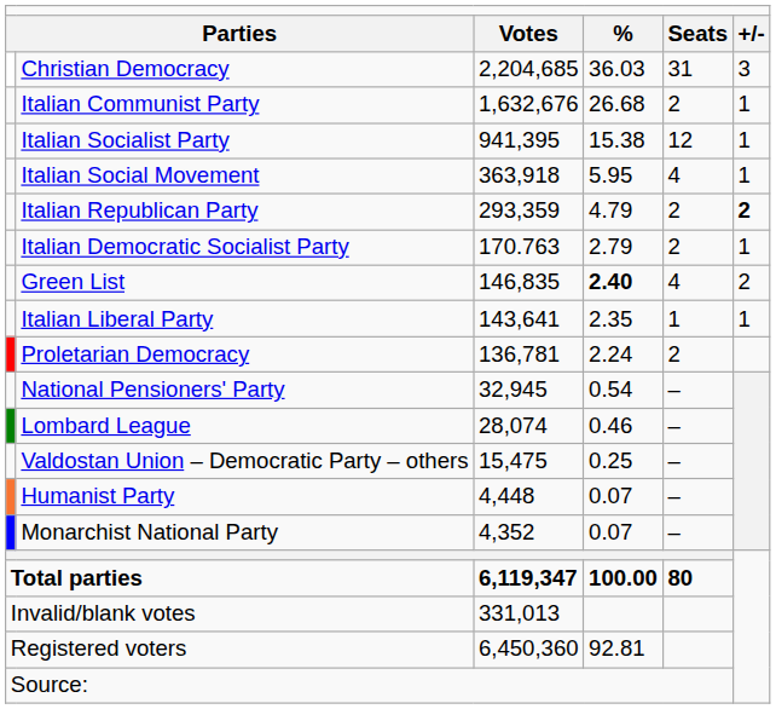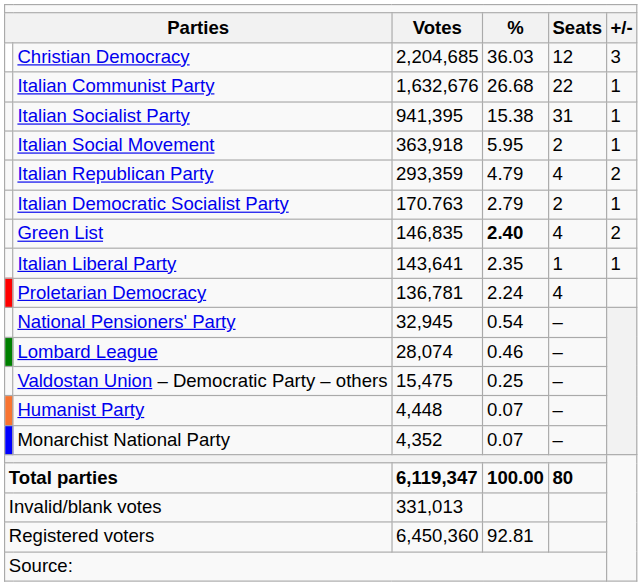 <table class="wikitable">
 <tr>
 <td colspan="6"></td>
 </tr>
 <tr>
 <th colspan="2">Parties</th>
 <th>Votes</th>
 <th>%</th>
 <th>Seats</th>
 <th>+/-</th>
 </tr>
 <tr>
 <td bgcolor="white"></td>
 <td><a href='#'>Christian Democracy</a></td>
 <td>2,204,685</td>
 <td>36.03</td>
-<td>31</td>
+<td>12</td>
 <td>3</td>
 </tr>
 <tr>
 <td></td>
 <td><a href='#'>Italian Communist Party</a></td>
 <td>1,632,676</td>
 <td>26.68</td>
-<td>2</td>
+<td>22</td>
 <td>1</td>
 </tr>
 <tr>
 <td></td>
 <td align="left"><a href='#'>Italian Socialist Party</a></td>
 <td>941,395</td>
 <td>15.38</td>
-<td>12</td>
+<td>31</td>
 <td>1</td>
 </tr>
 <tr>
 <td></td>
 <td align="left"><a href='#'>Italian Social Movement</a></td>
 <td>363,918</td>
 <td>5.95</td>
-<td>4</td>
+<td>2</td>
 <td>1</td>
 </tr>
 <tr>
 <td></td>
 <td align="left"><a href='#'>Italian Republican Party</a></td>
 <td>293,359</td>
 <td>4.79</td>
+<td>4</td>
 <td>2</td>
-<td><strong>2</strong></td>
 </tr>
 <tr>
 <td></td>
 <td align="left"><a href='#'>Italian Democratic Socialist Party</a></td>
 <td>170.763</td>
 <td>2.79</td>
 <td>2</td>
 <td>1</td>
 </tr>
 <tr>
 <td></td>
 <td><a href='#'>Green List</a></td>
 <td>146,835</td>
 <td><strong>2.40</strong></td>
 <td>4</td>
 <td>2</td>
 </tr>
 <tr>
 <td></td>
 <td align="left"><a href='#'>Italian Liberal Party</a></td>
 <td>143,641</td>
 <td>2.35</td>
 <td>1</td>
 <td>1</td>
 </tr>
 <tr>
 <td bgcolor="red"></td>
 <td align="left"><a href='#'>Proletarian Democracy</a></td>
 <td>136,781</td>
 <td>2.24</td>
-<td>2</td>
+<td>4</td>
 <td></td>
 </tr>
 <tr>
 <td></td>
 <td><a href='#'>National Pensioners' Party</a></td>
 <td>32,945</td>
 <td>0.54</td>
 <td>–</td>
 <th rowspan=5></th>
 </tr>
 <tr>
 <td bgcolor="green"></td>
 <td align="left"><a href='#'>Lombard League</a></td>
 <td>28,074</td>
 <td>0.46</td>
 <td>–</td>
 </tr>
 <tr>
 <td></td>
 <td><a href='#'>Valdostan Union</a> – Democratic Party – others</td>
 <td>15,475</td>
 <td>0.25</td>
 <td>–</td>
 </tr>
 <tr>
 <td bgcolor="F87431"></td>
 <td><a href='#'>Humanist Party</a></td>
 <td>4,448</td>
 <td>0.07</td>
 <td>–</td>
 </tr>
 <tr>
 <td bgcolor="blue"></td>
 <td>Monarchist National Party</td>
 <td>4,352</td>
 <td>0.07</td>
 <td>–</td>
 </tr>
 <tr>
 <th colspan="5"></th>
 </tr>
 <tr>
 <td colspan="2" align="left"><strong>Total parties</strong></td>
 <td><strong>6,119,347</strong></td>
 <td><strong>100.00</strong></td>
 <td><strong>80</strong></td>
 </tr>
 <tr>
 <td colspan="2">Invalid/blank votes</td>
 <td>331,013</td>
 <td></td>
 <td></td>
 </tr>
 <tr>
 <td colspan="2">Registered voters</td>
 <td>6,450,360</td>
 <td>92.81</td>
 <td></td>
 </tr>
 <tr>
 <td colspan="5">Source: </td>
 </tr>
 </table>
